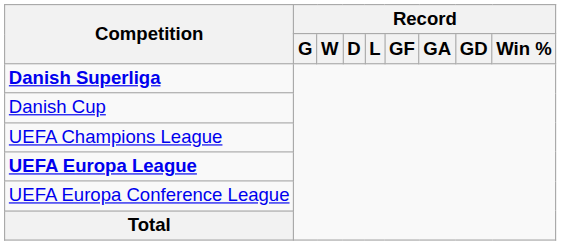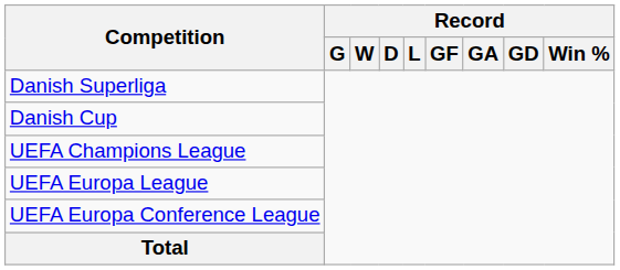 <table class="wikitable" style="text-align: center">
 <tr>
 <th rowspan="2">Competition</th>
 <th colspan="9">Record</th>
 </tr>
 <tr>
 <th>G</th>
 <th>W</th>
 <th>D</th>
 <th>L</th>
 <th>GF</th>
 <th>GA</th>
 <th>GD</th>
 <th>Win %</th>
 </tr>
 <tr>
-<td style="text-align: left"><strong><a href='#'>Danish Superliga</a><br></strong></td>
+<td style="text-align: left"><a href='#'>Danish Superliga</a><br></td>
 </tr>
 <tr>
 <td style="text-align: left"><a href='#'>Danish Cup</a><br></td>
 </tr>
 <tr>
 <td style="text-align: left"><a href='#'>UEFA Champions League</a><br></td>
 </tr>
 <tr>
-<td style="text-align: left"><strong><a href='#'>UEFA Europa League</a><br></strong></td>
+<td style="text-align: left"><a href='#'>UEFA Europa League</a><br></td>
 </tr>
 <tr>
 <td style="text-align: left"><a href='#'>UEFA Europa Conference League</a><br></td>
 </tr>
 <tr>
 <th>Total<br></th>
 </tr>
 </table>
